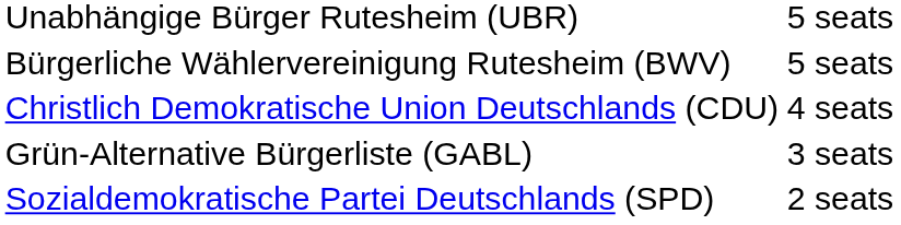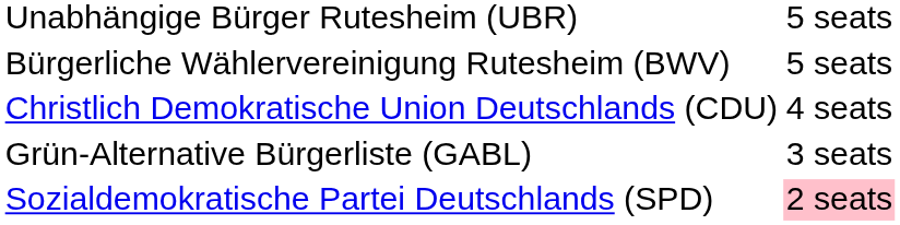 <table>
 <tr>
 <td>Unabhängige Bürger Rutesheim (UBR)</td>
 <td>5 seats</td>
 </tr>
 <tr>
 <td>Bürgerliche Wählervereinigung Rutesheim (BWV)</td>
 <td>5 seats</td>
 </tr>
 <tr>
 <td><a href='#'>Christlich Demokratische Union Deutschlands</a> (CDU)</td>
 <td>4 seats</td>
 </tr>
 <tr>
 <td>Grün-Alternative Bürgerliste (GABL)</td>
 <td>3 seats</td>
 </tr>
 <tr>
 <td><a href='#'>Sozialdemokratische Partei Deutschlands</a> (SPD)</td>
-<td>2 seats</td>
+<td style="background: pink;">2 seats</td>
 </tr>
 </table>
